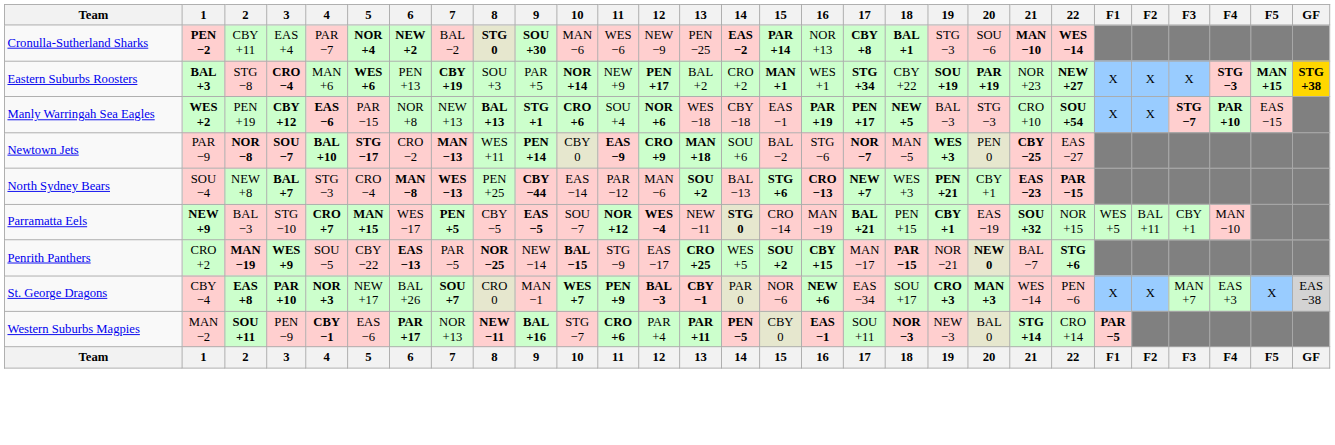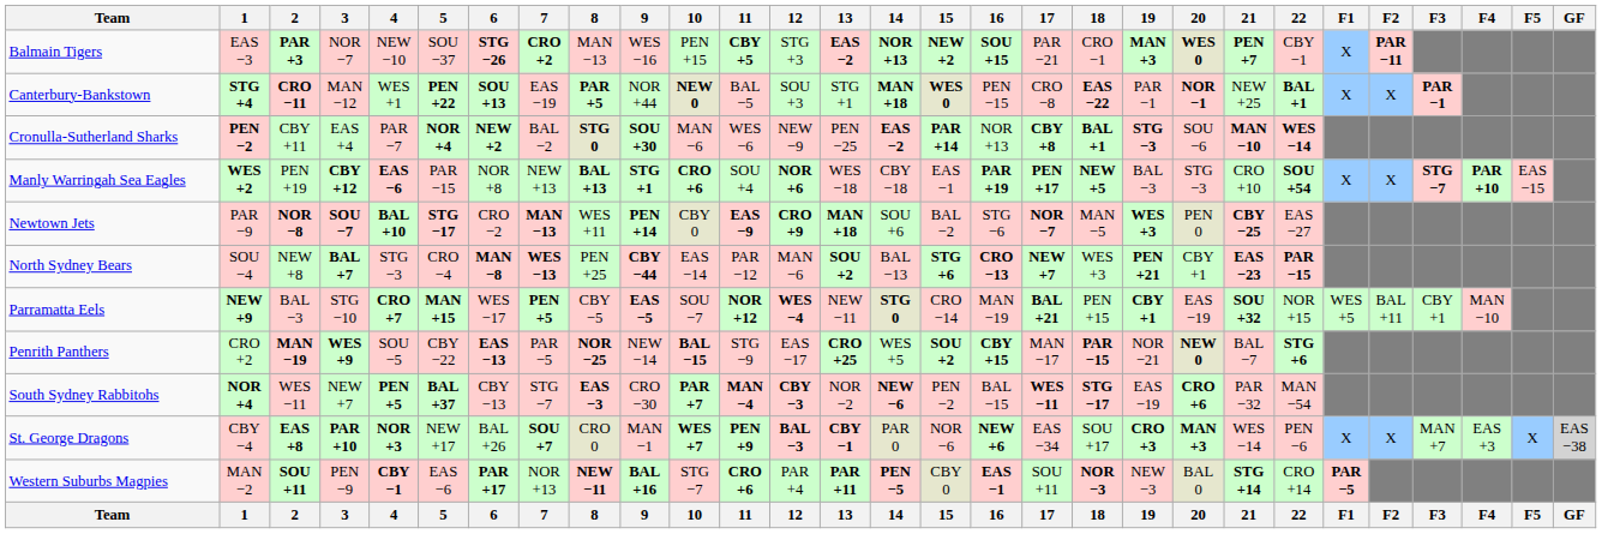 <table class="wikitable sortable" style="font-size:85%; text-align:center; width:90%">
 <tr valign="top">
 <th valign="middle">Team</th>
 <th>1</th>
 <th>2</th>
 <th>3</th>
 <th>4</th>
 <th>5</th>
 <th>6</th>
 <th>7</th>
 <th>8</th>
 <th>9</th>
 <th>10</th>
 <th>11</th>
 <th>12</th>
 <th>13</th>
 <th>14</th>
 <th>15</th>
 <th>16</th>
 <th>17</th>
 <th>18</th>
 <th>19</th>
 <th>20</th>
 <th>21</th>
 <th>22</th>
 <th>F1</th>
 <th>F2</th>
 <th>F3</th>
 <th>F4</th>
 <th>F5</th>
 <th>GF</th>
 </tr>
 <tr>
+<td align="left"><a href='#'>Balmain Tigers</a></td>
+<td style="background:#FFCFCF;">EAS<br>−3</td>
+<td style="background:#cfc;"><strong>PAR<br>+3</strong></td>
+<td style="background:#FFCFCF;">NOR<br>−7</td>
+<td style="background:#FFCFCF;">NEW<br>−10</td>
+<td style="background:#FFCFCF;">SOU<br>−37</td>
+<td style="background:#FFCFCF;"><strong>STG<br>−26</strong></td>
+<td style="background:#cfc;"><strong>CRO<br>+2</strong></td>
+<td style="background:#FFCFCF;">MAN<br>−13</td>
+<td style="background:#FFCFCF;">WES<br>−16</td>
+<td style="background:#cfc;">PEN<br>+15</td>
+<td style="background:#cfc;"><strong>CBY<br>+5</strong></td>
+<td style="background:#cfc;">STG<br>+3</td>
+<td style="background:#FFCFCF;"><strong>EAS<br>−2</strong></td>
+<td style="background:#cfc;"><strong>NOR<br>+13</strong></td>
+<td style="background:#cfc;"><strong>NEW<br>+2</strong></td>
+<td style="background:#cfc;"><strong>SOU<br>+15</strong></td>
+<td style="background:#FFCFCF;">PAR<br>−21</td>
+<td style="background:#FFCFCF;">CRO<br>−1</td>
+<td style="background:#cfc;"><strong>MAN<br>+3</strong></td>
+<td style="background:#E6E7CE"><strong>WES<br>0</strong></td>
+<td style="background:#cfc;"><strong>PEN<br>+7</strong></td>
+<td style="background:#FFCFCF;">CBY<br>−1</td>
+<td style="background:#99ccff;">X</td>
+<td style="background:#FFCFCF;"><strong>PAR<br>−11</strong></td>
+<td style="background:#808080;"></td>
+<td style="background:#808080;"></td>
+<td style="background:#808080;"></td>
+<td style="background:#808080;"></td>
+</tr>
+<tr>
+<td align="left"><a href='#'>Canterbury-Bankstown</a></td>
+<td style="background:#cfc;"><strong>STG<br>+4</strong></td>
+<td style="background:#FFCFCF;"><strong>CRO<br>−11</strong></td>
+<td style="background:#FFCFCF;">MAN<br>−12</td>
+<td style="background:#cfc;">WES<br>+1</td>
+<td style="background:#cfc;"><strong>PEN<br>+22</strong></td>
+<td style="background:#cfc;"><strong>SOU<br>+13</strong></td>
+<td style="background:#FFCFCF;">EAS<br>−19</td>
+<td style="background:#cfc;"><strong>PAR<br>+5</strong></td>
+<td style="background:#cfc;">NOR<br>+44</td>
+<td style="background:#E6E7CE"><strong>NEW<br>0</strong></td>
+<td style="background:#FFCFCF;">BAL<br>−5</td>
+<td style="background:#cfc;">SOU<br>+3</td>
+<td style="background:#cfc;">STG<br>+1</td>
+<td style="background:#cfc;"><strong>MAN<br>+18</strong></td>
+<td style="background:#E6E7CE"><strong>WES<br>0</strong></td>
+<td style="background:#FFCFCF;">PEN<br>−15</td>
+<td style="background:#FFCFCF;">CRO<br>−8</td>
+<td style="background:#FFCFCF;"><strong>EAS<br>−22</strong></td>
+<td style="background:#FFCFCF;">PAR<br>−1</td>
+<td style="background:#FFCFCF;"><strong>NOR<br>−1</strong></td>
+<td style="background:#cfc;">NEW<br>+25</td>
+<td style="background:#cfc;"><strong>BAL<br>+1</strong></td>
+<td style="background:#99ccff;">X</td>
+<td style="background:#99ccff;">X</td>
+<td style="background:#FFCFCF;"><strong>PAR<br>−1</strong></td>
+<td style="background:#808080;"></td>
+<td style="background:#808080;"></td>
+<td style="background:#808080;"></td>
+</tr>
+<tr>
 <td align="left"><a href='#'>Cronulla-Sutherland Sharks</a></td>
 <td style="background:#FFCFCF;"><strong>PEN<br>−2</strong></td>
 <td style="background:#cfc;">CBY<br>+11</td>
 <td style="background:#cfc;">EAS<br>+4</td>
 <td style="background:#FFCFCF;">PAR<br>−7</td>
 <td style="background:#cfc;"><strong>NOR<br>+4</strong></td>
 <td style="background:#cfc;"><strong>NEW<br>+2</strong></td>
 <td style="background:#FFCFCF;">BAL<br>−2</td>
 <td style="background:#E6E7CE"><strong>STG<br>0</strong></td>
 <td style="background:#cfc;"><strong>SOU<br>+30</strong></td>
 <td style="background:#FFCFCF;">MAN<br>−6</td>
 <td style="background:#FFCFCF;">WES<br>−6</td>
 <td style="background:#FFCFCF;">NEW<br>−9</td>
 <td style="background:#FFCFCF;">PEN<br>−25</td>
 <td style="background:#FFCFCF;"><strong>EAS<br>−2</strong></td>
 <td style="background:#cfc;"><strong>PAR<br>+14</strong></td>
 <td style="background:#cfc;">NOR<br>+13</td>
 <td style="background:#cfc;"><strong>CBY<br>+8</strong></td>
 <td style="background:#cfc;"><strong>BAL<br>+1</strong></td>
-<td style="background:#FFCFCF;">STG<br>−3</td>
+<td style="background:#FFCFCF;"><strong>STG<br>−3</strong></td>
 <td style="background:#FFCFCF;">SOU<br>−6</td>
 <td style="background:#FFCFCF;"><strong>MAN<br>−10</strong></td>
 <td style="background:#FFCFCF;"><strong>WES<br>−14</strong></td>
 <td style="background:#808080;"></td>
 <td style="background:#808080;"></td>
 <td style="background:#808080;"></td>
 <td style="background:#808080;"></td>
 <td style="background:#808080;"></td>
 <td style="background:#808080;"></td>
-</tr>
-<tr>
-<td align="left"><a href='#'>Eastern Suburbs Roosters</a></td>
-<td style="background:#cfc;"><strong>BAL<br>+3</strong></td>
-<td style="background:#FFCFCF;">STG<br>−8</td>
-<td style="background:#FFCFCF;"><strong>CRO<br>−4</strong></td>
-<td style="background:#cfc;">MAN<br>+6</td>
-<td style="background:#cfc;"><strong>WES<br>+6</strong></td>
-<td style="background:#cfc;">PEN<br>+13</td>
-<td style="background:#cfc;"><strong>CBY<br>+19</strong></td>
-<td style="background:#cfc;">SOU<br>+3</td>
-<td style="background:#cfc;">PAR<br>+5</td>
-<td style="background:#cfc;"><strong>NOR<br>+14</strong></td>
-<td style="background:#cfc;">NEW<br>+9</td>
-<td style="background:#cfc;"><strong>PEN<br>+17</strong></td>
-<td style="background:#cfc;">BAL<br>+2</td>
-<td style="background:#cfc;">CRO<br>+2</td>
-<td style="background:#cfc;"><strong>MAN<br>+1</strong></td>
-<td style="background:#cfc;">WES<br>+1</td>
-<td style="background:#cfc;"><strong>STG<br>+34</strong></td>
-<td style="background:#cfc;">CBY<br>+22</td>
-<td style="background:#cfc;"><strong>SOU<br>+19</strong></td>
-<td style="background:#cfc;"><strong>PAR<br>+19</strong></td>
-<td style="background:#cfc;">NOR<br>+23</td>
-<td style="background:#cfc;"><strong>NEW<br>+27</strong></td>
-<td style="background:#99ccff;">X</td>
-<td style="background:#99ccff;">X</td>
-<td style="background:#99ccff;">X</td>
-<td style="background:#FFCFCF;"><strong>STG<br>−3</strong></td>
-<td style="background:#cfc;"><strong>MAN<br>+15</strong></td>
-<td style="background:#FFD700;"><strong>STG<br>+38</strong></td>
 </tr>
 <tr>
 <td align="left"><a href='#'>Manly Warringah Sea Eagles</a></td>
 <td style="background:#cfc;"><strong>WES<br>+2</strong></td>
 <td style="background:#cfc;">PEN<br>+19</td>
 <td style="background:#cfc;"><strong>CBY<br>+12</strong></td>
 <td style="background:#FFCFCF;"><strong>EAS<br>−6</strong></td>
 <td style="background:#FFCFCF;">PAR<br>−15</td>
 <td style="background:#cfc;">NOR<br>+8</td>
 <td style="background:#cfc;">NEW<br>+13</td>
 <td style="background:#cfc;"><strong>BAL<br>+13</strong></td>
 <td style="background:#cfc;"><strong>STG<br>+1</strong></td>
 <td style="background:#cfc;"><strong>CRO<br>+6</strong></td>
 <td style="background:#cfc;">SOU<br>+4</td>
 <td style="background:#cfc;"><strong>NOR<br>+6</strong></td>
 <td style="background:#FFCFCF;">WES<br>−18</td>
 <td style="background:#FFCFCF;">CBY<br>−18</td>
 <td style="background:#FFCFCF;">EAS<br>−1</td>
 <td style="background:#cfc;"><strong>PAR<br>+19</strong></td>
 <td style="background:#cfc;"><strong>PEN<br>+17</strong></td>
 <td style="background:#cfc;"><strong>NEW<br>+5</strong></td>
 <td style="background:#FFCFCF;">BAL<br>−3</td>
 <td style="background:#FFCFCF;">STG<br>−3</td>
 <td style="background:#cfc;">CRO<br>+10</td>
 <td style="background:#cfc;"><strong>SOU<br>+54</strong></td>
 <td style="background:#99ccff;">X</td>
 <td style="background:#99ccff;">X</td>
 <td style="background:#FFCFCF;"><strong>STG<br>−7</strong></td>
 <td style="background:#cfc;"><strong>PAR<br>+10</strong></td>
 <td style="background:#FFCFCF;">EAS<br>−15</td>
 <td style="background:#808080;"></td>
 </tr>
 <tr>
 <td align="left"><a href='#'>Newtown Jets</a></td>
 <td style="background:#FFCFCF;">PAR<br>−9</td>
 <td style="background:#FFCFCF;"><strong>NOR<br>−8</strong></td>
 <td style="background:#FFCFCF;"><strong>SOU<br>−7</strong></td>
 <td style="background:#cfc;"><strong>BAL<br>+10</strong></td>
 <td style="background:#FFCFCF;"><strong>STG<br>−17</strong></td>
 <td style="background:#FFCFCF;">CRO<br>−2</td>
 <td style="background:#FFCFCF;"><strong>MAN<br>−13</strong></td>
 <td style="background:#cfc;">WES<br>+11</td>
 <td style="background:#cfc;"><strong>PEN<br>+14</strong></td>
 <td style="background:#E6E7CE">CBY<br>0</td>
 <td style="background:#FFCFCF;"><strong>EAS<br>−9</strong></td>
 <td style="background:#cfc;"><strong>CRO<br>+9</strong></td>
 <td style="background:#cfc;"><strong>MAN<br>+18</strong></td>
 <td style="background:#cfc;">SOU<br>+6</td>
 <td style="background:#FFCFCF;">BAL<br>−2</td>
 <td style="background:#FFCFCF;">STG<br>−6</td>
 <td style="background:#FFCFCF;"><strong>NOR<br>−7</strong></td>
 <td style="background:#FFCFCF;">MAN<br>−5</td>
 <td style="background:#cfc;"><strong>WES<br>+3</strong></td>
 <td style="background:#E6E7CE">PEN<br>0</td>
 <td style="background:#FFCFCF;"><strong>CBY<br>−25</strong></td>
 <td style="background:#FFCFCF;">EAS<br>−27</td>
 <td style="background:#808080;"></td>
 <td style="background:#808080;"></td>
 <td style="background:#808080;"></td>
 <td style="background:#808080;"></td>
 <td style="background:#808080;"></td>
 <td style="background:#808080;"></td>
 </tr>
 <tr>
 <td align="left"><a href='#'>North Sydney Bears</a></td>
 <td style="background:#FFCFCF;">SOU<br>−4</td>
 <td style="background:#cfc;">NEW<br>+8</td>
 <td style="background:#cfc;"><strong>BAL<br>+7</strong></td>
 <td style="background:#FFCFCF;">STG<br>−3</td>
 <td style="background:#FFCFCF;">CRO<br>−4</td>
 <td style="background:#FFCFCF;"><strong>MAN<br>−8</strong></td>
 <td style="background:#FFCFCF;"><strong>WES<br>−13</strong></td>
 <td style="background:#cfc;">PEN<br>+25</td>
 <td style="background:#FFCFCF;"><strong>CBY<br>−44</strong></td>
 <td style="background:#FFCFCF;">EAS<br>−14</td>
 <td style="background:#FFCFCF;">PAR<br>−12</td>
 <td style="background:#FFCFCF;">MAN<br>−6</td>
 <td style="background:#cfc;"><strong>SOU<br>+2</strong></td>
 <td style="background:#FFCFCF;">BAL<br>−13</td>
 <td style="background:#cfc;"><strong>STG<br>+6</strong></td>
 <td style="background:#FFCFCF;"><strong>CRO<br>−13</strong></td>
 <td style="background:#cfc;"><strong>NEW<br>+7</strong></td>
 <td style="background:#cfc;">WES<br>+3</td>
 <td style="background:#cfc;"><strong>PEN<br>+21</strong></td>
 <td style="background:#cfc;">CBY<br>+1</td>
 <td style="background:#FFCFCF;"><strong>EAS<br>−23</strong></td>
 <td style="background:#FFCFCF;"><strong>PAR<br>−15</strong></td>
 <td style="background:#808080;"></td>
 <td style="background:#808080;"></td>
 <td style="background:#808080;"></td>
 <td style="background:#808080;"></td>
 <td style="background:#808080;"></td>
 <td style="background:#808080;"></td>
 </tr>
 <tr>
 <td align="left"><a href='#'>Parramatta Eels</a></td>
 <td style="background:#cfc;"><strong>NEW<br>+9</strong></td>
 <td style="background:#FFCFCF;">BAL<br>−3</td>
 <td style="background:#FFCFCF;">STG<br>−10</td>
 <td style="background:#cfc;"><strong>CRO<br>+7</strong></td>
 <td style="background:#cfc;"><strong>MAN<br>+15</strong></td>
 <td style="background:#FFCFCF;">WES<br>−17</td>
 <td style="background:#cfc;"><strong>PEN<br>+5</strong></td>
 <td style="background:#FFCFCF;">CBY<br>−5</td>
 <td style="background:#FFCFCF;"><strong>EAS<br>−5</strong></td>
 <td style="background:#FFCFCF;">SOU<br>−7</td>
 <td style="background:#cfc;"><strong>NOR<br>+12</strong></td>
 <td style="background:#FFCFCF;"><strong>WES<br>−4</strong></td>
 <td style="background:#FFCFCF;">NEW<br>−11</td>
 <td style="background:#E6E7CE"><strong>STG<br>0</strong></td>
 <td style="background:#FFCFCF;">CRO<br>−14</td>
 <td style="background:#FFCFCF;">MAN<br>−19</td>
 <td style="background:#cfc;"><strong>BAL<br>+21</strong></td>
 <td style="background:#cfc;">PEN<br>+15</td>
 <td style="background:#cfc;"><strong>CBY<br>+1</strong></td>
 <td style="background:#FFCFCF;">EAS<br>−19</td>
 <td style="background:#cfc;"><strong>SOU<br>+32</strong></td>
 <td style="background:#cfc;">NOR<br>+15</td>
 <td style="background:#cfc;">WES<br>+5</td>
 <td style="background:#cfc;">BAL<br>+11</td>
 <td style="background:#cfc;">CBY<br>+1</td>
 <td style="background:#FFCFCF;">MAN<br>−10</td>
 <td style="background:#808080;"></td>
 <td style="background:#808080;"></td>
 </tr>
 <tr>
 <td align="left"><a href='#'>Penrith Panthers</a></td>
 <td style="background:#cfc;">CRO<br>+2</td>
 <td style="background:#FFCFCF;"><strong>MAN<br>−19</strong></td>
 <td style="background:#cfc;"><strong>WES<br>+9</strong></td>
 <td style="background:#FFCFCF;">SOU<br>−5</td>
 <td style="background:#FFCFCF;">CBY<br>−22</td>
 <td style="background:#FFCFCF;"><strong>EAS<br>−13</strong></td>
 <td style="background:#FFCFCF;">PAR<br>−5</td>
 <td style="background:#FFCFCF;"><strong>NOR<br>−25</strong></td>
 <td style="background:#FFCFCF;">NEW<br>−14</td>
 <td style="background:#FFCFCF;"><strong>BAL<br>−15</strong></td>
 <td style="background:#FFCFCF;">STG<br>−9</td>
 <td style="background:#FFCFCF;">EAS<br>−17</td>
 <td style="background:#cfc;"><strong>CRO<br>+25</strong></td>
 <td style="background:#cfc;">WES<br>+5</td>
 <td style="background:#cfc;"><strong>SOU<br>+2</strong></td>
 <td style="background:#cfc;"><strong>CBY<br>+15</strong></td>
 <td style="background:#FFCFCF;">MAN<br>−17</td>
 <td style="background:#FFCFCF;"><strong>PAR<br>−15</strong></td>
 <td style="background:#FFCFCF;">NOR<br>−21</td>
 <td style="background:#E6E7CE"><strong>NEW<br>0</strong></td>
 <td style="background:#FFCFCF;">BAL<br>−7</td>
 <td style="background:#cfc;"><strong>STG<br>+6</strong></td>
 <td style="background:#808080;"></td>
 <td style="background:#808080;"></td>
 <td style="background:#808080;"></td>
 <td style="background:#808080;"></td>
 <td style="background:#808080;"></td>
 <td style="background:#808080;"></td>
 </tr>
 <tr>
+<td align="left"><a href='#'>South Sydney Rabbitohs</a></td>
+<td style="background:#cfc;"><strong>NOR<br>+4</strong></td>
+<td style="background:#FFCFCF;">WES<br>−11</td>
+<td style="background:#cfc;">NEW<br>+7</td>
+<td style="background:#cfc;"><strong>PEN<br>+5</strong></td>
+<td style="background:#cfc;"><strong>BAL<br>+37</strong></td>
+<td style="background:#FFCFCF;">CBY<br>−13</td>
+<td style="background:#FFCFCF;">STG<br>−7</td>
+<td style="background:#FFCFCF;"><strong>EAS<br>−3</strong></td>
+<td style="background:#FFCFCF;">CRO<br>−30</td>
+<td style="background:#cfc;"><strong>PAR<br>+7</strong></td>
+<td style="background:#FFCFCF;"><strong>MAN<br>−4</strong></td>
+<td style="background:#FFCFCF;"><strong>CBY<br>−3</strong></td>
+<td style="background:#FFCFCF;">NOR<br>−2</td>
+<td style="background:#FFCFCF;"><strong>NEW<br>−6</strong></td>
+<td style="background:#FFCFCF;">PEN<br>−2</td>
+<td style="background:#FFCFCF;">BAL<br>−15</td>
+<td style="background:#FFCFCF;"><strong>WES<br>−11</strong></td>
+<td style="background:#FFCFCF;"><strong>STG<br>−17</strong></td>
+<td style="background:#FFCFCF;">EAS<br>−19</td>
+<td style="background:#cfc;"><strong>CRO<br>+6</strong></td>
+<td style="background:#FFCFCF;">PAR<br>−32</td>
+<td style="background:#FFCFCF;">MAN<br>−54</td>
+<td style="background:#808080;"></td>
+<td style="background:#808080;"></td>
+<td style="background:#808080;"></td>
+<td style="background:#808080;"></td>
+<td style="background:#808080;"></td>
+<td style="background:#808080;"></td>
+</tr>
+<tr>
 <td align="left"><a href='#'>St. George Dragons</a></td>
 <td style="background:#FFCFCF;">CBY<br>−4</td>
 <td style="background:#cfc;"><strong>EAS<br>+8</strong></td>
 <td style="background:#cfc;"><strong>PAR<br>+10</strong></td>
 <td style="background:#cfc;"><strong>NOR<br>+3</strong></td>
 <td style="background:#cfc;">NEW<br>+17</td>
 <td style="background:#cfc;">BAL<br>+26</td>
 <td style="background:#cfc;"><strong>SOU<br>+7</strong></td>
 <td style="background:#E6E7CE">CRO<br>0</td>
 <td style="background:#FFCFCF;">MAN<br>−1</td>
 <td style="background:#cfc;"><strong>WES<br>+7</strong></td>
 <td style="background:#cfc;"><strong>PEN<br>+9</strong></td>
 <td style="background:#FFCFCF;"><strong>BAL<br>−3</strong></td>
 <td style="background:#FFCFCF;"><strong>CBY<br>−1</strong></td>
 <td style="background:#E6E7CE">PAR<br>0</td>
 <td style="background:#FFCFCF;">NOR<br>−6</td>
 <td style="background:#cfc;"><strong>NEW<br>+6</strong></td>
 <td style="background:#FFCFCF;">EAS<br>−34</td>
 <td style="background:#cfc;">SOU<br>+17</td>
 <td style="background:#cfc;"><strong>CRO<br>+3</strong></td>
 <td style="background:#cfc;"><strong>MAN<br>+3</strong></td>
 <td style="background:#FFCFCF;">WES<br>−14</td>
 <td style="background:#FFCFCF;">PEN<br>−6</td>
 <td style="background:#99ccff;">X</td>
 <td style="background:#99ccff;">X</td>
 <td style="background:#cfc;">MAN<br>+7</td>
 <td style="background:#cfc;">EAS<br>+3</td>
 <td style="background:#99ccff;">X</td>
 <td style="background:#D3D3D3;">EAS<br>−38</td>
 </tr>
 <tr>
 <td align="left"><a href='#'>Western Suburbs Magpies</a></td>
 <td style="background:#FFCFCF;">MAN<br>−2</td>
 <td style="background:#cfc;"><strong>SOU<br>+11</strong></td>
 <td style="background:#FFCFCF;">PEN<br>−9</td>
 <td style="background:#FFCFCF;"><strong>CBY<br>−1</strong></td>
 <td style="background:#FFCFCF;">EAS<br>−6</td>
 <td style="background:#cfc;"><strong>PAR<br>+17</strong></td>
 <td style="background:#cfc;">NOR<br>+13</td>
 <td style="background:#FFCFCF;"><strong>NEW<br>−11</strong></td>
 <td style="background:#cfc;"><strong>BAL<br>+16</strong></td>
 <td style="background:#FFCFCF;">STG<br>−7</td>
 <td style="background:#cfc;"><strong>CRO<br>+6</strong></td>
 <td style="background:#cfc;">PAR<br>+4</td>
 <td style="background:#cfc;"><strong>PAR<br>+11</strong></td>
 <td style="background:#FFCFCF;"><strong>PEN<br>−5</strong></td>
 <td style="background:#E6E7CE">CBY<br>0</td>
 <td style="background:#FFCFCF;"><strong>EAS<br>−1</strong></td>
 <td style="background:#cfc;">SOU<br>+11</td>
 <td style="background:#FFCFCF;"><strong>NOR<br>−3</strong></td>
 <td style="background:#FFCFCF;">NEW<br>−3</td>
 <td style="background:#E6E7CE">BAL<br>0</td>
 <td style="background:#cfc;"><strong>STG<br>+14</strong></td>
 <td style="background:#cfc;">CRO<br>+14</td>
 <td style="background:#FFCFCF;"><strong>PAR<br>−5</strong></td>
 <td style="background:#808080;"></td>
 <td style="background:#808080;"></td>
 <td style="background:#808080;"></td>
 <td style="background:#808080;"></td>
 <td style="background:#808080;"></td>
 </tr>
 <tr valign="top">
 <th valign="middle">Team</th>
 <th>1</th>
 <th>2</th>
 <th>3</th>
 <th>4</th>
 <th>5</th>
 <th>6</th>
 <th>7</th>
 <th>8</th>
 <th>9</th>
 <th>10</th>
 <th>11</th>
 <th>12</th>
 <th>13</th>
 <th>14</th>
 <th>15</th>
 <th>16</th>
 <th>17</th>
 <th>18</th>
 <th>19</th>
 <th>20</th>
 <th>21</th>
 <th>22</th>
 <th>F1</th>
 <th>F2</th>
 <th>F3</th>
 <th>F4</th>
 <th>F5</th>
 <th>GF</th>
 </tr>
 </table>
